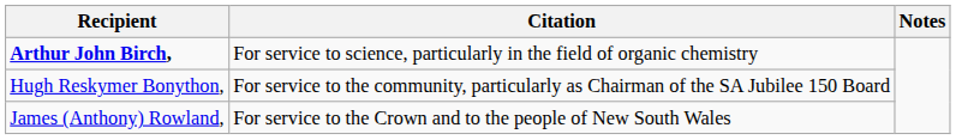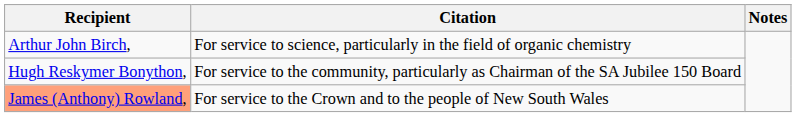 <table class="wikitable" style="font-size:95%;">
 <tr>
 <th>Recipient</th>
 <th>Citation</th>
 <th>Notes</th>
 </tr>
 <tr>
-<td><strong> <a href='#'>Arthur John Birch</a>, </strong></td>
+<td> <a href='#'>Arthur John Birch</a>, </td>
 <td>For service to science, particularly in the field of organic chemistry</td>
 <td rowspan=3></td>
 </tr>
 <tr>
 <td><a href='#'>Hugh Reskymer Bonython</a>, </td>
 <td>For service to the community, particularly as Chairman of the SA Jubilee 150 Board</td>
 </tr>
 <tr>
-<td> <a href='#'>James (Anthony) Rowland</a>, </td>
+<td style="background: lightsalmon;"> <a href='#'>James (Anthony) Rowland</a>, </td>
 <td>For service to the Crown and to the people of New South Wales</td>
 </tr>
 </table>
